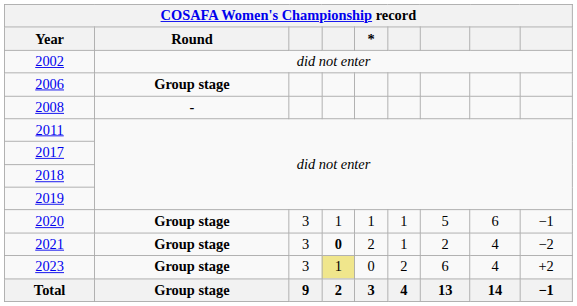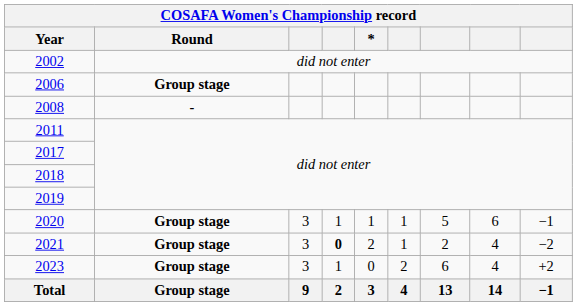 <table class="wikitable" style="text-align: center; width:50%;">
 <tr>
 <th colspan=10><a href='#'>COSAFA Women's Championship</a> record</th>
 </tr>
 <tr>
 <th>Year</th>
 <th>Round</th>
 <th></th>
 <th></th>
 <th>*</th>
 <th></th>
 <th></th>
 <th></th>
 <th></th>
 </tr>
 <tr>
 <td> <a href='#'>2002</a></td>
 <td colspan =8><em>did not enter</em></td>
 </tr>
 <tr>
 <td> <a href='#'>2006</a></td>
 <td><strong>Group stage</strong></td>
 <td></td>
 <td></td>
 <td></td>
 <td></td>
 <td></td>
 <td></td>
 <td></td>
 </tr>
 <tr>
 <td> <a href='#'>2008</a></td>
 <td><strong>-</strong></td>
 <td></td>
 <td></td>
 <td></td>
 <td></td>
 <td></td>
 <td></td>
 <td></td>
 </tr>
 <tr>
 <td> <a href='#'>2011</a></td>
 <td colspan =8  rowspan=4><em>did not enter</em></td>
 </tr>
 <tr>
 <td> <a href='#'>2017</a></td>
 </tr>
 <tr>
 <td> <a href='#'>2018</a></td>
 </tr>
 <tr>
 <td> <a href='#'>2019</a></td>
 </tr>
 <tr>
 <td> <a href='#'>2020</a></td>
 <td><strong>Group stage</strong></td>
 <td>3</td>
 <td>1</td>
 <td>1</td>
 <td>1</td>
 <td>5</td>
 <td>6</td>
 <td>−1</td>
 </tr>
 <tr>
 <td> <a href='#'>2021</a></td>
 <td><strong>Group stage</strong></td>
 <td>3</td>
 <td><strong>0</strong></td>
 <td>2</td>
 <td>1</td>
 <td>2</td>
 <td>4</td>
 <td>−2</td>
 </tr>
 <tr>
 <td> <a href='#'>2023</a></td>
 <td><strong>Group stage</strong></td>
 <td>3</td>
-<td style="background: khaki;">1</td>
+<td>1</td>
 <td>0</td>
 <td>2</td>
 <td>6</td>
 <td>4</td>
 <td>+2</td>
 </tr>
 <tr>
 <th>Total</th>
 <th>Group stage</th>
 <th>9</th>
 <th>2</th>
 <th>3</th>
 <th>4</th>
 <th>13</th>
 <th>14</th>
 <th>−1</th>
 </tr>
 </table>
